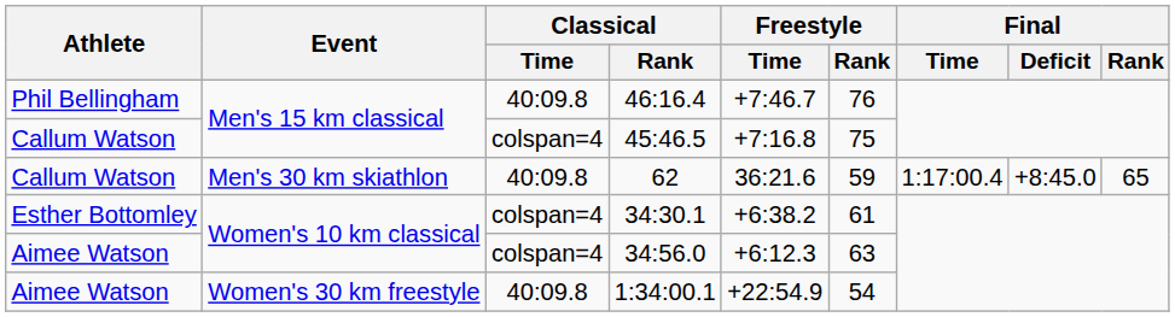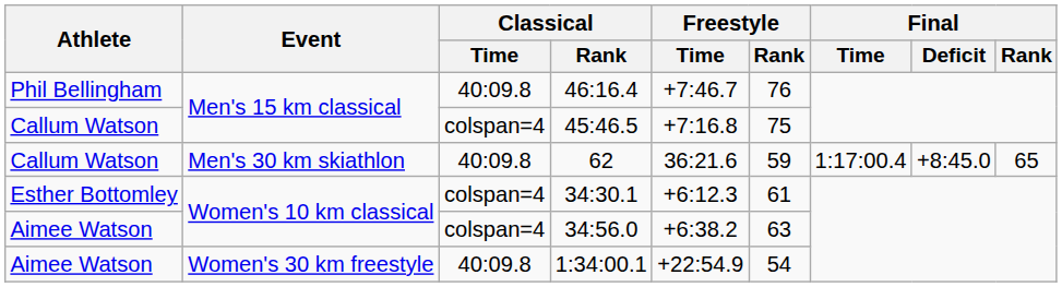 <table class="wikitable" style="font-size:90%">
 <tr>
 <th rowspan=2>Athlete</th>
 <th rowspan=2>Event</th>
 <th colspan=2>Classical</th>
 <th colspan=2>Freestyle</th>
 <th colspan=3>Final</th>
 </tr>
 <tr style="font-size: 95%">
 <th>Time</th>
 <th>Rank</th>
 <th>Time</th>
 <th>Rank</th>
 <th>Time</th>
 <th>Deficit</th>
 <th>Rank</th>
 </tr>
 <tr align=center>
 <td align=left><a href='#'>Phil Bellingham</a></td>
 <td align=left rowspan=2><a href='#'>Men's 15 km classical</a></td>
 <td>40:09.8</td>
 <td>46:16.4</td>
 <td>+7:46.7</td>
 <td>76</td>
 </tr>
 <tr align=center>
 <td align=left><a href='#'>Callum Watson</a></td>
 <td>colspan=4 </td>
 <td>45:46.5</td>
 <td>+7:16.8</td>
 <td>75</td>
 </tr>
 <tr align=center>
 <td align=left><a href='#'>Callum Watson</a></td>
 <td align=left><a href='#'>Men's 30 km skiathlon</a></td>
 <td>40:09.8</td>
 <td>62</td>
 <td>36:21.6</td>
 <td>59</td>
 <td>1:17:00.4</td>
 <td>+8:45.0</td>
 <td>65</td>
 </tr>
 <tr align=center>
 <td align=left><a href='#'>Esther Bottomley</a></td>
 <td align=left rowspan=2><a href='#'>Women's 10 km classical</a></td>
 <td>colspan=4 </td>
 <td>34:30.1</td>
-<td>+6:38.2</td>
+<td>+6:12.3</td>
 <td>61</td>
 </tr>
 <tr align=center>
 <td align=left><a href='#'>Aimee Watson</a></td>
 <td>colspan=4 </td>
 <td>34:56.0</td>
-<td>+6:12.3</td>
+<td>+6:38.2</td>
 <td>63</td>
 </tr>
 <tr align=center>
 <td align=left><a href='#'>Aimee Watson</a></td>
 <td align=left><a href='#'>Women's 30 km freestyle</a></td>
 <td>40:09.8</td>
 <td>1:34:00.1</td>
 <td>+22:54.9</td>
 <td>54</td>
 </tr>
 </table>
